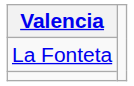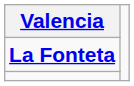 <table class="wikitable" style="margin:1em auto; text-align:center">
 <tr>
 <th><a href='#'>Valencia</a></th>
 <td rowspan=3></td>
 </tr>
 <tr>
-<td><a href='#'>La Fonteta</a></td>
+<td><strong><a href='#'>La Fonteta</a></strong></td>
 </tr>
 <tr>
 <td></td>
 </tr>
 </table>
